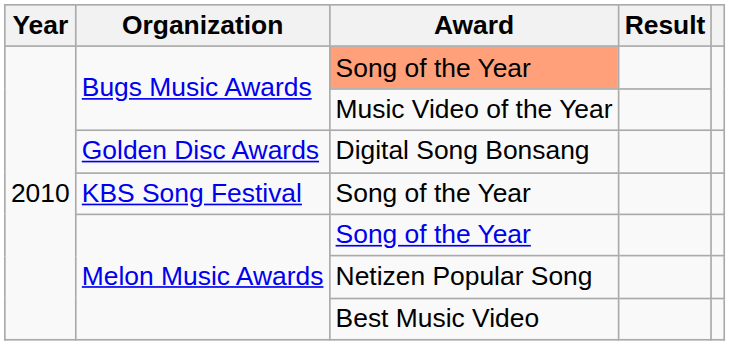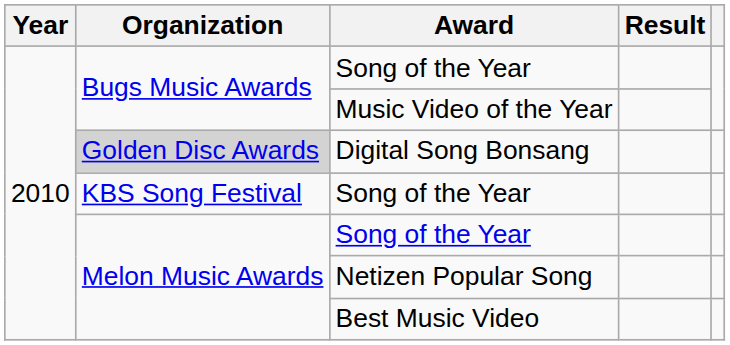 <table class="wikitable plainrowheaders">
 <tr>
 <th scope="col">Year</th>
 <th scope="col">Organization</th>
 <th scope="col">Award</th>
 <th scope="col">Result</th>
 <th></th>
 </tr>
 <tr>
 <td rowspan="7">2010</td>
 <td rowspan="2"><a href='#'>Bugs Music Awards</a></td>
-<td style="background: lightsalmon;">Song of the Year</td>
+<td>Song of the Year</td>
 <td></td>
 <td rowspan="2" align="center"></td>
 </tr>
 <tr>
 <td>Music Video of the Year</td>
 <td></td>
 </tr>
 <tr>
-<td><a href='#'>Golden Disc Awards</a></td>
+<td style="background: lightgrey;"><a href='#'>Golden Disc Awards</a></td>
 <td>Digital Song Bonsang</td>
 <td></td>
 <td align="center"></td>
 </tr>
 <tr>
 <td><a href='#'>KBS Song Festival</a></td>
 <td>Song of the Year</td>
 <td></td>
 <td align="center"></td>
 </tr>
 <tr>
 <td rowspan="3"><a href='#'>Melon Music Awards</a></td>
 <td><a href='#'>Song of the Year</a></td>
 <td></td>
 <td></td>
 </tr>
 <tr>
 <td>Netizen Popular Song</td>
 <td></td>
 <td></td>
 </tr>
 <tr>
 <td>Best Music Video</td>
 <td></td>
 <td></td>
 </tr>
 </table>
